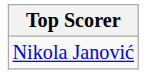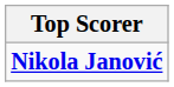 <table class=wikitable style="text-align:left; margin:auto">
 <tr>
 <th>Top Scorer</th>
 </tr>
 <tr>
-<td> <a href='#'>Nikola Janović</a></td>
+<td><strong> <a href='#'>Nikola Janović</a></strong></td>
 </tr>
 </table>
